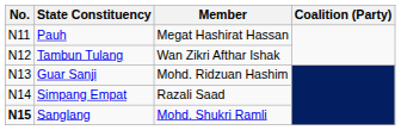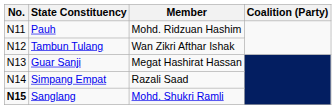 <table class="wikitable sortable">
 <tr>
 <th>No.</th>
 <th>State Constituency</th>
 <th>Member</th>
 <th>Coalition (Party)</th>
 </tr>
 <tr>
 <td>N11</td>
 <td><a href='#'>Pauh</a></td>
-<td>Megat Hashirat Hassan</td>
+<td>Mohd. Ridzuan Hashim</td>
 <td rowspan=2></td>
 </tr>
 <tr>
 <td>N12</td>
 <td><a href='#'>Tambun Tulang</a></td>
 <td>Wan Zikri Afthar Ishak</td>
 </tr>
 <tr>
 <td>N13</td>
 <td><a href='#'>Guar Sanji</a></td>
-<td>Mohd. Ridzuan Hashim</td>
+<td>Megat Hashirat Hassan</td>
 <td rowspan=3 bgcolor=#031e61></td>
 </tr>
 <tr>
 <td>N14</td>
 <td><a href='#'>Simpang Empat</a></td>
 <td>Razali Saad</td>
 </tr>
 <tr>
 <td><strong>N15</strong></td>
 <td><a href='#'>Sanglang</a></td>
 <td><a href='#'>Mohd. Shukri Ramli</a></td>
 </tr>
 </table>
